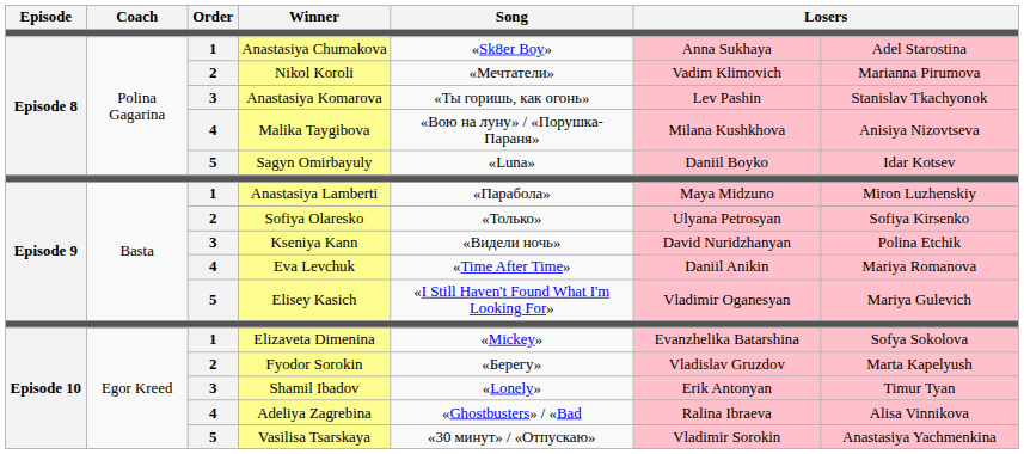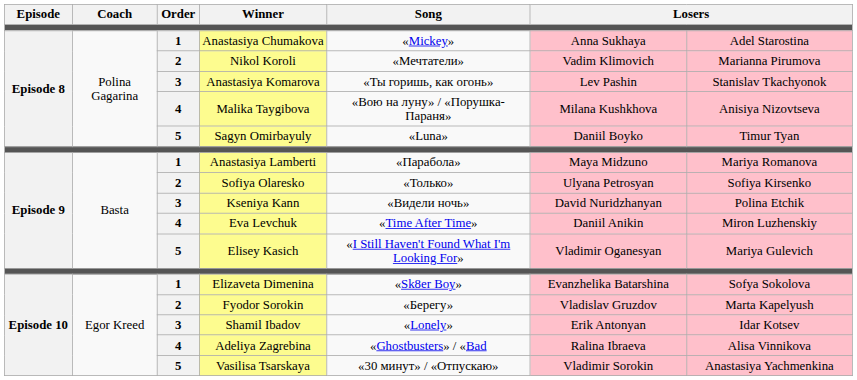 <table class="wikitable" style="text-align: center; width:120%;">
 <tr>
 <th style="width:08%;">Episode</th>
 <th style="width:10%;">Coach</th>
 <th style="width:05%;">Order</th>
 <th style="width:15%;">Winner</th>
 <th style="width:24%;">Song</th>
 <th colspan=2 style="width:29%:">Losers</th>
 </tr>
 <tr>
 <td colspan=7 style="background:#555;"></td>
 </tr>
 <tr>
 <th rowspan=5>Episode 8 <br> </th>
 <td rowspan=5>Polina Gagarina</td>
 <th>1</th>
 <td style="background:#fdfc8f;">Anastasiya Chumakova</td>
-<td>«<a href='#'>Sk8er Boy</a>»</td>
+<td>«<a href='#'>Mickey</a>»</td>
 <td style="background:pink;">Anna Sukhaya</td>
 <td style="background:pink;">Adel Starostina</td>
 </tr>
 <tr>
 <th>2</th>
 <td style="background:#fdfc8f;">Nikol Koroli</td>
 <td>«Мечтатели»</td>
 <td style="background:pink;">Vadim Klimovich</td>
 <td style="background:pink;">Marianna Pirumova</td>
 </tr>
 <tr>
 <th>3</th>
 <td style="background:#fdfc8f;">Anastasiya Komarova</td>
 <td>«Ты горишь, как огонь»</td>
 <td style="background:pink;">Lev Pashin</td>
 <td style="background:pink;">Stanislav Tkachyonok</td>
 </tr>
 <tr>
 <th>4</th>
 <td style="background:#fdfc8f;">Malika Taygibova</td>
 <td>«Вою на луну» / «Порушка-Параня»</td>
 <td style="background:pink;">Milana Kushkhova</td>
 <td style="background:pink;">Anisiya Nizovtseva</td>
 </tr>
 <tr>
 <th>5</th>
 <td style="background:#fdfc8f;">Sagyn Omirbayuly</td>
 <td>«Luna»</td>
 <td style="background:pink;">Daniil Boyko</td>
-<td style="background:pink;">Idar Kotsev</td>
+<td style="background:pink;">Timur Tyan</td>
 </tr>
 <tr>
 <td colspan=7 style="background:#555;"></td>
 </tr>
 <tr>
 <th rowspan=5>Episode 9 <br> </th>
 <td rowspan=5>Basta</td>
 <th>1</th>
 <td style="background:#fdfc8f;">Anastasiya Lamberti</td>
 <td>«Парабола»</td>
 <td style="background:pink;">Maya Midzuno</td>
-<td style="background:pink;">Miron Luzhenskiy</td>
+<td style="background:pink;">Mariya Romanova</td>
 </tr>
 <tr>
 <th>2</th>
 <td style="background:#fdfc8f;">Sofiya Olaresko</td>
 <td>«Только»</td>
 <td style="background:pink;">Ulyana Petrosyan</td>
 <td style="background:pink;">Sofiya Kirsenko</td>
 </tr>
 <tr>
 <th>3</th>
 <td style="background:#fdfc8f;">Kseniya Kann</td>
 <td>«Видели ночь»</td>
 <td style="background:pink;">David Nuridzhanyan</td>
 <td style="background:pink;">Polina Etchik</td>
 </tr>
 <tr>
 <th>4</th>
 <td style="background:#fdfc8f;">Eva Levchuk</td>
 <td>«<a href='#'>Time After Time</a>»</td>
 <td style="background:pink;">Daniil Anikin</td>
-<td style="background:pink;">Mariya Romanova</td>
+<td style="background:pink;">Miron Luzhenskiy</td>
 </tr>
 <tr>
 <th>5</th>
 <td style="background:#fdfc8f;">Elisey Kasich</td>
 <td>«<a href='#'>I Still Haven't Found What I'm Looking For</a>»</td>
 <td style="background:pink;">Vladimir Oganesyan</td>
 <td style="background:pink;">Mariya Gulevich</td>
 </tr>
 <tr>
 <td colspan=7 style="background:#555;"></td>
 </tr>
 <tr>
 <th rowspan=5>Episode 10 <br> </th>
 <td rowspan=5>Egor Kreed</td>
 <th>1</th>
 <td style="background:#fdfc8f;">Elizaveta Dimenina</td>
-<td>«<a href='#'>Mickey</a>»</td>
+<td>«<a href='#'>Sk8er Boy</a>»</td>
 <td style="background:pink;">Evanzhelika Batarshina</td>
 <td style="background:pink;">Sofya Sokolova</td>
 </tr>
 <tr>
 <th>2</th>
 <td style="background:#fdfc8f;">Fyodor Sorokin</td>
 <td>«Берегу»</td>
 <td style="background:pink;">Vladislav Gruzdov</td>
 <td style="background:pink;">Marta Kapelyush</td>
 </tr>
 <tr>
 <th>3</th>
 <td style="background:#fdfc8f;">Shamil Ibadov</td>
 <td>«<a href='#'>Lonely</a>»</td>
 <td style="background:pink;">Erik Antonyan</td>
-<td style="background:pink;">Timur Tyan</td>
+<td style="background:pink;">Idar Kotsev</td>
 </tr>
 <tr>
 <th>4</th>
 <td style="background:#fdfc8f;">Adeliya Zagrebina</td>
 <td>«<a href='#'>Ghostbusters</a>» / «<a href='#'>Bad</a></td>
 <td style="background:pink;">Ralina Ibraeva</td>
 <td style="background:pink;">Alisa Vinnikova</td>
 </tr>
 <tr>
 <th>5</th>
 <td style="background:#fdfc8f;">Vasilisa Tsarskaya</td>
 <td>«30 минут» / «Отпускаю»</td>
 <td style="background:pink;">Vladimir Sorokin</td>
 <td style="background:pink;">Anastasiya Yachmenkina</td>
 </tr>
 </table>
